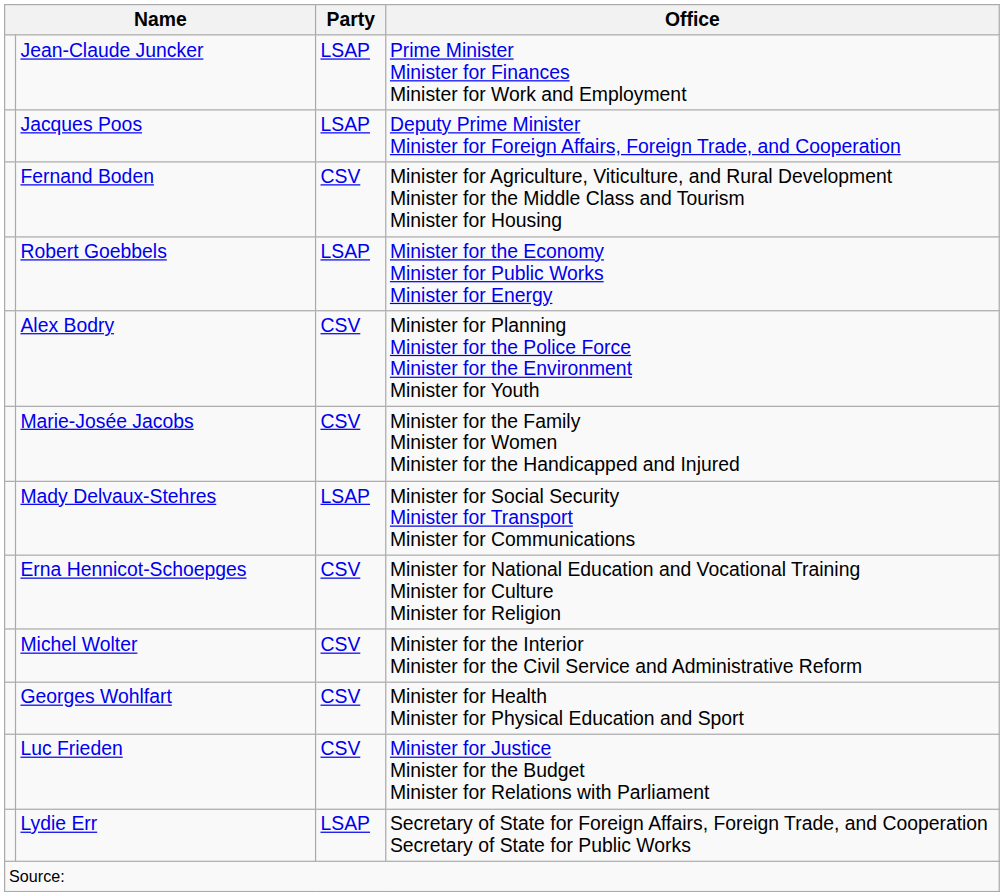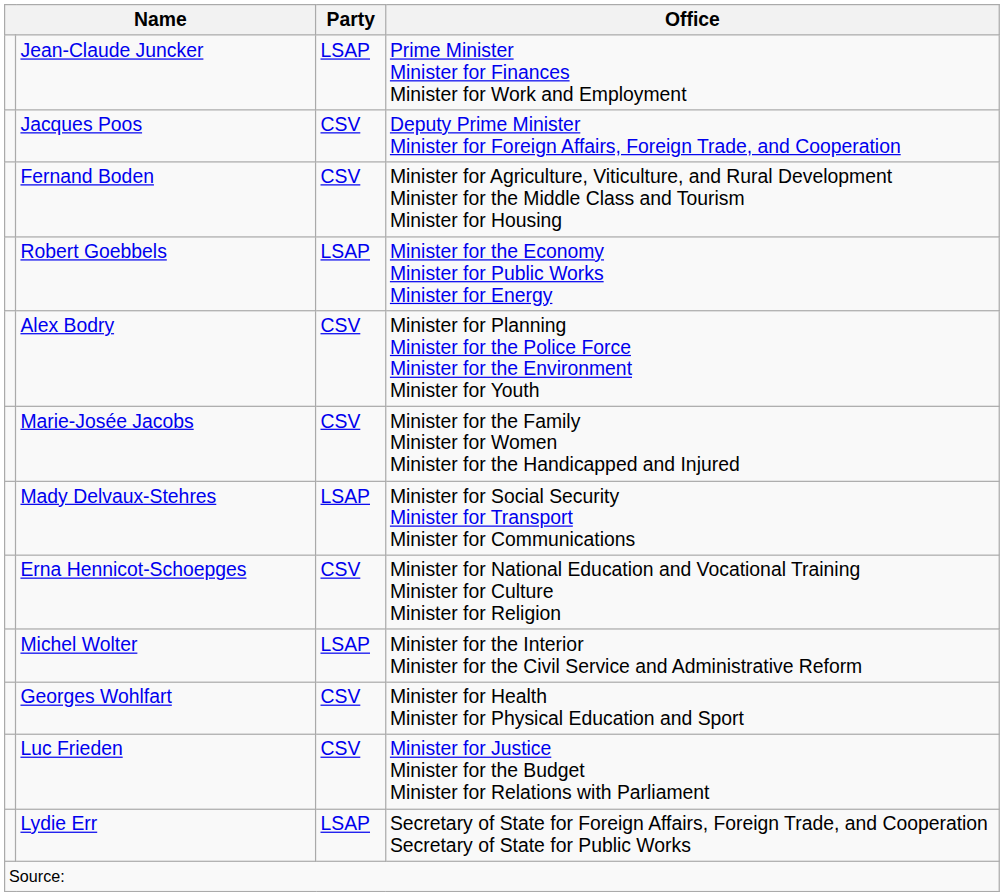 <table class="wikitable">
 <tr>
 <th colspan=2 width=250px>Name</th>
 <th width=50px>Party</th>
 <th width=500px>Office</th>
 </tr>
 <tr>
 <td style="background-color: "></td>
 <td valign=top><a href='#'>Jean-Claude Juncker</a></td>
 <td valign=top><a href='#'>LSAP</a></td>
 <td><a href='#'>Prime Minister</a> <br> <a href='#'>Minister for Finances</a> <br> Minister for Work and Employment</td>
 </tr>
 <tr>
 <td style="background-color: "></td>
 <td valign=top><a href='#'>Jacques Poos</a></td>
-<td valign=top><a href='#'>LSAP</a></td>
+<td valign=top><a href='#'>CSV</a></td>
 <td><a href='#'>Deputy Prime Minister</a> <br> <a href='#'>Minister for Foreign Affairs, Foreign Trade, and Cooperation</a></td>
 </tr>
 <tr>
 <td style="background-color: "></td>
 <td valign=top><a href='#'>Fernand Boden</a></td>
 <td valign=top><a href='#'>CSV</a></td>
 <td>Minister for Agriculture, Viticulture, and Rural Development <br> Minister for the Middle Class and Tourism <br> Minister for Housing</td>
 </tr>
 <tr>
 <td style="background-color: "></td>
 <td valign=top><a href='#'>Robert Goebbels</a></td>
 <td valign=top><a href='#'>LSAP</a></td>
 <td><a href='#'>Minister for the Economy</a> <br> <a href='#'>Minister for Public Works</a> <br> <a href='#'>Minister for Energy</a></td>
 </tr>
 <tr>
 <td style="background-color: "></td>
 <td valign=top><a href='#'>Alex Bodry</a></td>
 <td valign=top><a href='#'>CSV</a></td>
 <td>Minister for Planning <br> <a href='#'>Minister for the Police Force</a> <br> <a href='#'>Minister for the Environment</a> <br> Minister for Youth</td>
 </tr>
 <tr>
 <td style="background-color: "></td>
 <td valign=top><a href='#'>Marie-Josée Jacobs</a></td>
 <td valign=top><a href='#'>CSV</a></td>
 <td>Minister for the Family <br> Minister for Women <br> Minister for the Handicapped and Injured</td>
 </tr>
 <tr>
 <td style="background-color: "></td>
 <td valign=top><a href='#'>Mady Delvaux-Stehres</a></td>
 <td valign=top><a href='#'>LSAP</a></td>
 <td>Minister for Social Security <br> <a href='#'>Minister for Transport</a> <br> Minister for Communications</td>
 </tr>
 <tr>
 <td style="background-color: "></td>
 <td valign=top><a href='#'>Erna Hennicot-Schoepges</a></td>
 <td valign=top><a href='#'>CSV</a></td>
 <td>Minister for National Education and Vocational Training <br> Minister for Culture <br> Minister for Religion</td>
 </tr>
 <tr>
 <td style="background-color: "></td>
 <td valign=top><a href='#'>Michel Wolter</a></td>
-<td valign=top><a href='#'>CSV</a></td>
+<td valign=top><a href='#'>LSAP</a></td>
 <td>Minister for the Interior <br> Minister for the Civil Service and Administrative Reform</td>
 </tr>
 <tr>
 <td style="background-color: "></td>
 <td valign=top><a href='#'>Georges Wohlfart</a></td>
 <td valign=top><a href='#'>CSV</a></td>
 <td>Minister for Health <br> Minister for Physical Education and Sport</td>
 </tr>
 <tr>
 <td style="background-color: "></td>
 <td valign=top><a href='#'>Luc Frieden</a></td>
 <td valign=top><a href='#'>CSV</a></td>
 <td><a href='#'>Minister for Justice</a> <br> Minister for the Budget <br> Minister for Relations with Parliament</td>
 </tr>
 <tr>
 <td style="background-color: "></td>
 <td valign=top><a href='#'>Lydie Err</a></td>
 <td valign=top><a href='#'>LSAP</a></td>
 <td>Secretary of State for Foreign Affairs, Foreign Trade, and Cooperation <br> Secretary of State for Public Works</td>
 </tr>
 <tr>
 <td colspan=4><small>Source: </small></td>
 </tr>
 </table>
